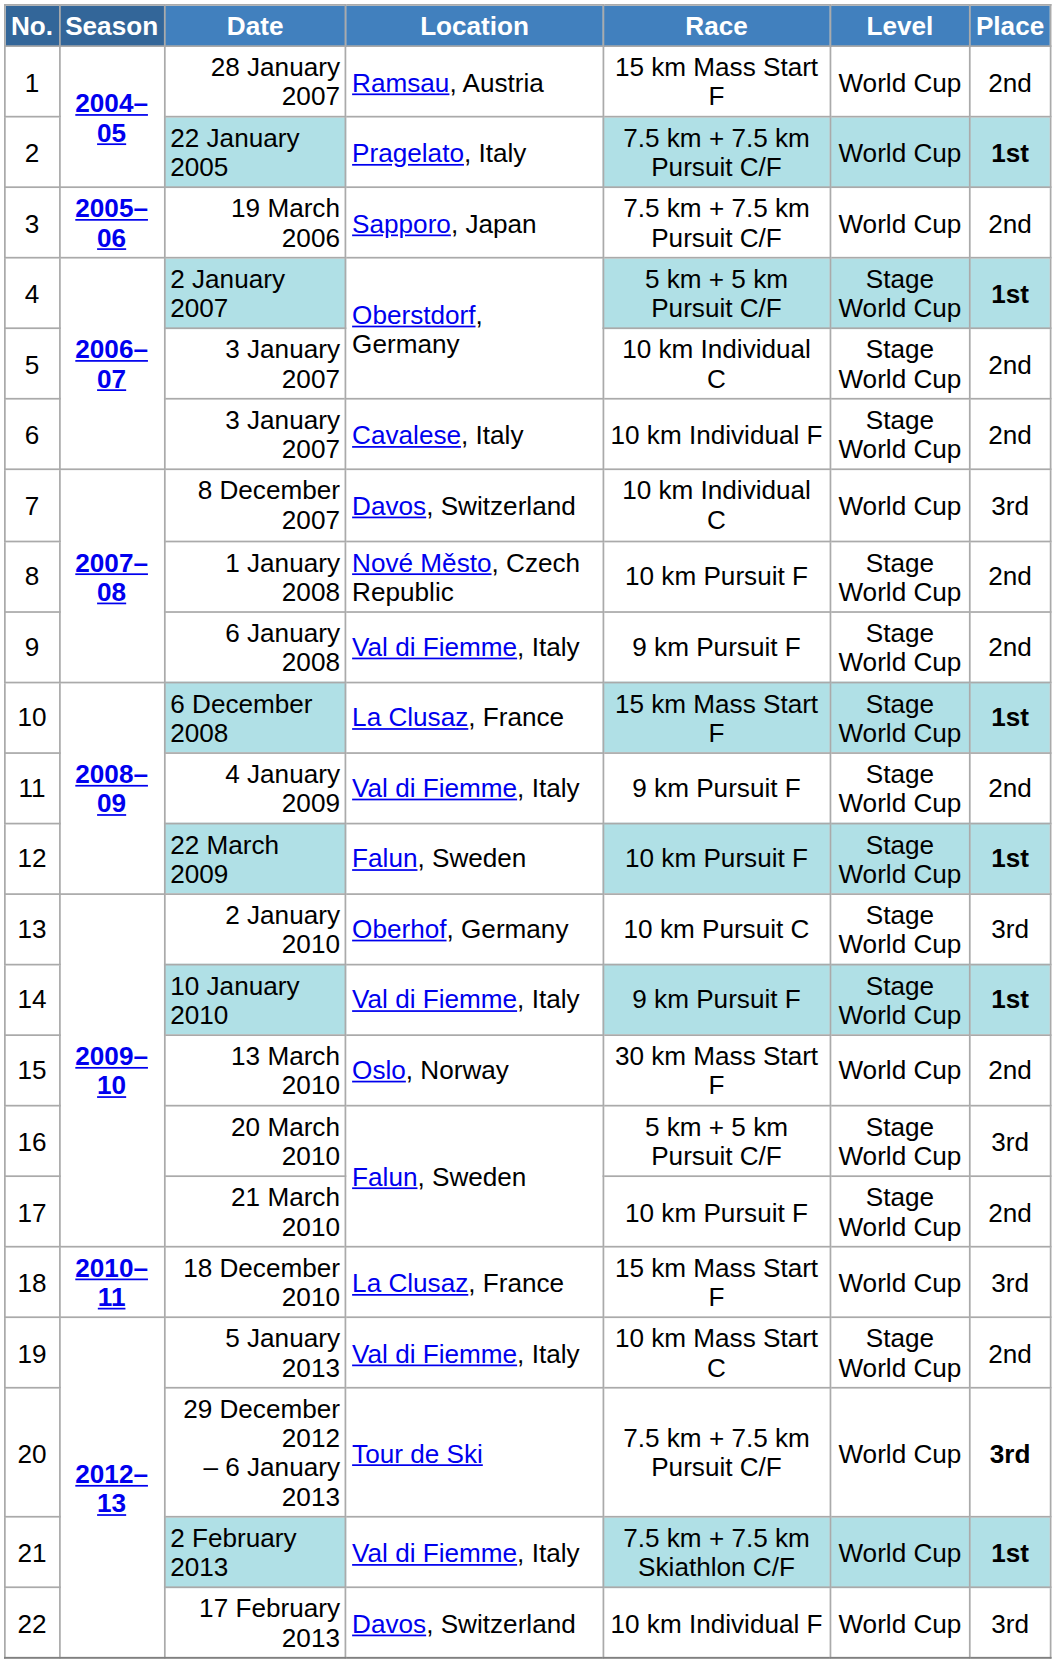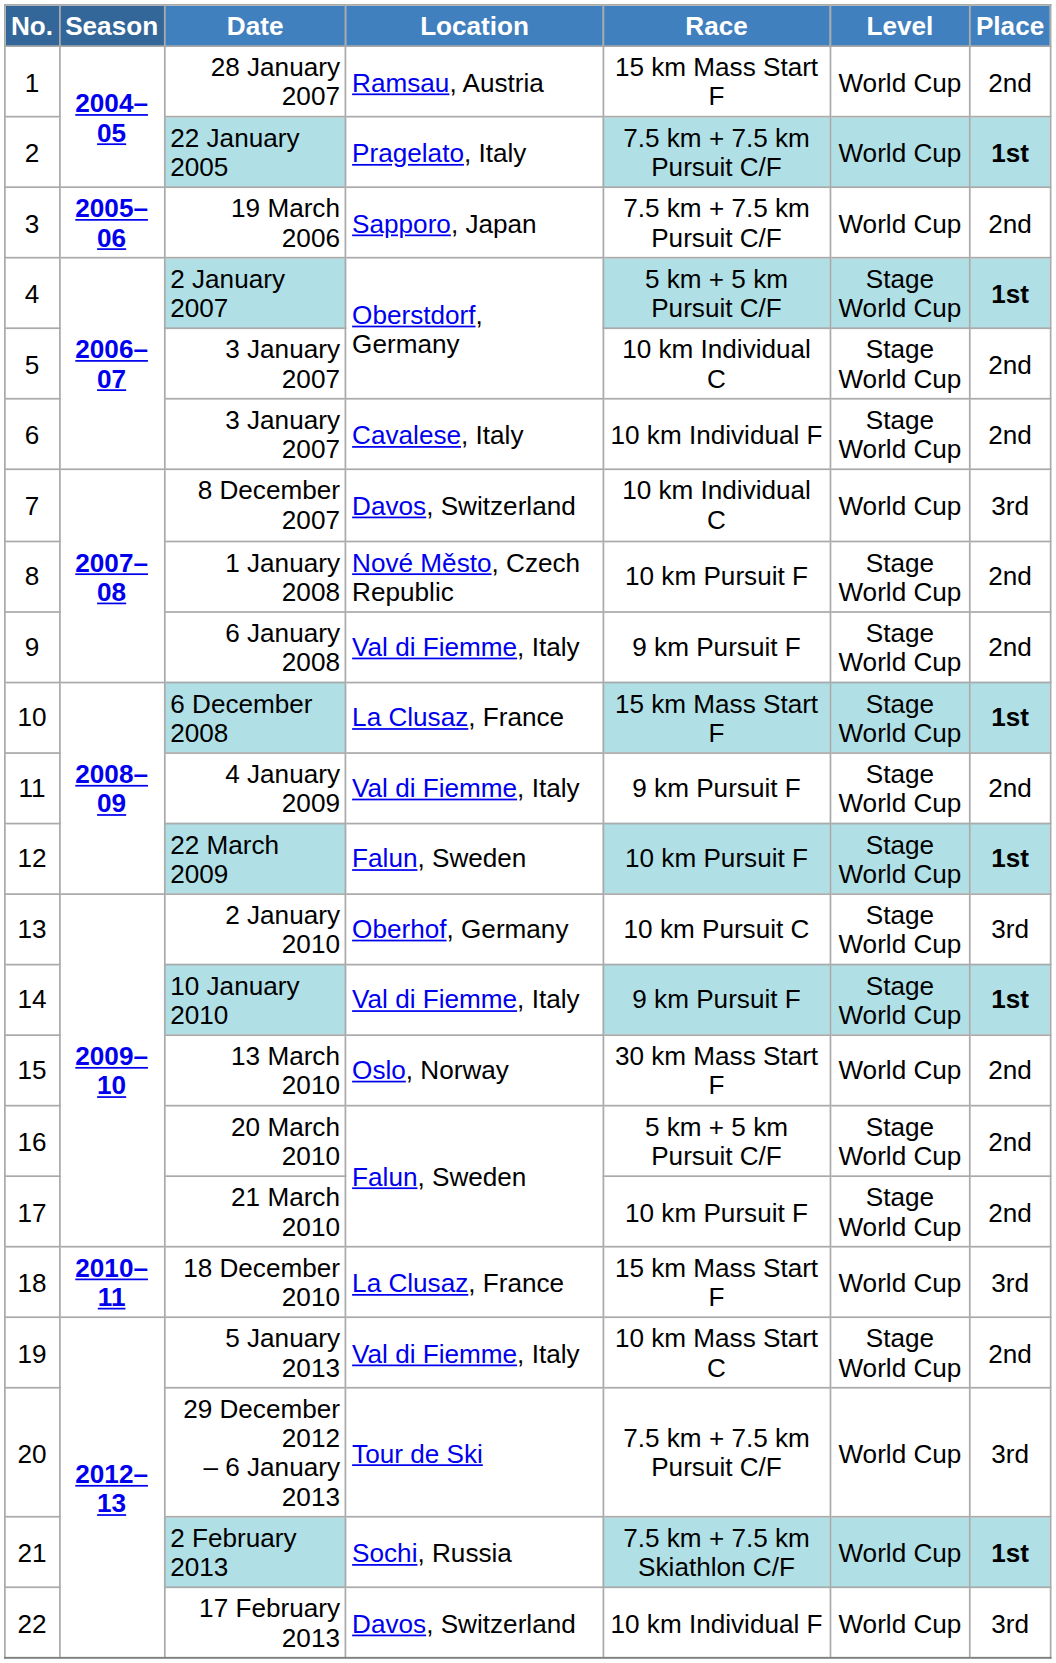 <table class="wikitable sortable" style="font-size:95%; text-align:center; border:grey solid 1px; border-collapse:collapse; background:#ffffff;">
 <tr style="background:#efefef;">
 <th style="background-color:#369; color:white;">No.</th>
 <th style="background-color:#369; color:white;">Season</th>
 <th style="background-color:#4180be; color:white; width:120px;">Date</th>
 <th style="background-color:#4180be; color:white; width:190px;">Location</th>
 <th style="background-color:#4180be; color:white; width:170px;">Race</th>
 <th style="background-color:#4180be; color:white; width:100px;">Level</th>
 <th style="background-color:#4180be; color:white;">Place</th>
 </tr>
 <tr>
 <td align=center>1</td>
 <td rowspan=2 align=center><strong><a href='#'>2004–05</a></strong></td>
 <td align=right>28 January 2007</td>
 <td align=left> <a href='#'>Ramsau</a>, Austria</td>
 <td>15 km Mass Start F</td>
 <td>World Cup</td>
 <td>2nd</td>
 </tr>
 <tr>
 <td align=center>2</td>
 <td align=left bgcolor="#BOEOE6" align=right>22 January 2005</td>
 <td align=left> <a href='#'>Pragelato</a>, Italy</td>
 <td bgcolor="#BOEOE6" align=center>7.5 km + 7.5 km Pursuit C/F</td>
 <td bgcolor="#BOEOE6">World Cup</td>
 <td bgcolor="#BOEOE6"><strong>1st</strong></td>
 </tr>
 <tr>
 <td align=center>3</td>
 <td rowspan=1 align=center><strong><a href='#'>2005–06</a></strong></td>
 <td align=right>19 March 2006</td>
 <td align=left> <a href='#'>Sapporo</a>, Japan</td>
 <td>7.5 km + 7.5 km Pursuit C/F</td>
 <td>World Cup</td>
 <td>2nd</td>
 </tr>
 <tr>
 <td align=center>4</td>
 <td rowspan=3 align=center><strong><a href='#'>2006–07</a></strong></td>
 <td align=left bgcolor="#BOEOE6" align=right>2 January 2007</td>
 <td rowspan=2 align=left> <a href='#'>Oberstdorf</a>, Germany</td>
 <td bgcolor="#BOEOE6" align=center>5 km + 5 km Pursuit C/F</td>
 <td bgcolor="#BOEOE6">Stage World Cup</td>
 <td bgcolor="#BOEOE6"><strong>1st</strong></td>
 </tr>
 <tr>
 <td align=center>5</td>
 <td align=right>3 January 2007</td>
 <td>10 km Individual C</td>
 <td>Stage World Cup</td>
 <td>2nd</td>
 </tr>
 <tr>
 <td align=center>6</td>
 <td align=right>3 January 2007</td>
 <td align=left> <a href='#'>Cavalese</a>, Italy</td>
 <td>10 km Individual F</td>
 <td>Stage World Cup</td>
 <td>2nd</td>
 </tr>
 <tr>
 <td align=center>7</td>
 <td rowspan=3 align=center><strong><a href='#'>2007–08</a></strong></td>
 <td align=right>8 December 2007</td>
 <td align=left> <a href='#'>Davos</a>, Switzerland</td>
 <td>10 km Individual C</td>
 <td>World Cup</td>
 <td>3rd</td>
 </tr>
 <tr>
 <td align=center>8</td>
 <td align=right>1 January 2008</td>
 <td align=left> <a href='#'>Nové Město</a>, Czech Republic</td>
 <td>10 km Pursuit F</td>
 <td>Stage World Cup</td>
 <td>2nd</td>
 </tr>
 <tr>
 <td align=center>9</td>
 <td align=right>6 January 2008</td>
 <td align=left> <a href='#'>Val di Fiemme</a>, Italy</td>
 <td>9 km Pursuit F</td>
 <td>Stage World Cup</td>
 <td>2nd</td>
 </tr>
 <tr>
 <td align=center>10</td>
 <td rowspan=3 align=center><strong><a href='#'>2008–09</a></strong></td>
 <td align=left bgcolor="#BOEOE6" align=right>6 December 2008</td>
 <td align=left> <a href='#'>La Clusaz</a>, France</td>
 <td bgcolor="#BOEOE6" align=center>15 km Mass Start F</td>
 <td bgcolor="#BOEOE6">Stage World Cup</td>
 <td bgcolor="#BOEOE6"><strong>1st</strong></td>
 </tr>
 <tr>
 <td align=center>11</td>
 <td align=right>4 January 2009</td>
 <td align=left> <a href='#'>Val di Fiemme</a>, Italy</td>
 <td>9 km Pursuit F</td>
 <td>Stage World Cup</td>
 <td>2nd</td>
 </tr>
 <tr>
 <td align=center>12</td>
 <td align=left bgcolor="#BOEOE6" align=right>22 March 2009</td>
 <td align=left> <a href='#'>Falun</a>, Sweden</td>
 <td bgcolor="#BOEOE6" align=center>10 km Pursuit F</td>
 <td bgcolor="#BOEOE6">Stage World Cup</td>
 <td bgcolor="#BOEOE6"><strong>1st</strong></td>
 </tr>
 <tr>
 <td align=center>13</td>
 <td rowspan=5 align=center><strong><a href='#'>2009–10</a></strong></td>
 <td align=right>2 January 2010</td>
 <td align=left> <a href='#'>Oberhof</a>, Germany</td>
 <td>10 km Pursuit C</td>
 <td>Stage World Cup</td>
 <td>3rd</td>
 </tr>
 <tr>
 <td align=center>14</td>
 <td align=left bgcolor="#BOEOE6" align=right>10 January 2010</td>
 <td align=left> <a href='#'>Val di Fiemme</a>, Italy</td>
 <td bgcolor="#BOEOE6" align=center>9 km Pursuit F</td>
 <td bgcolor="#BOEOE6">Stage World Cup</td>
 <td bgcolor="#BOEOE6"><strong>1st</strong></td>
 </tr>
 <tr>
 <td align=center>15</td>
 <td align=right>13 March 2010</td>
 <td align=left> <a href='#'>Oslo</a>, Norway</td>
 <td>30 km Mass Start F</td>
 <td>World Cup</td>
 <td>2nd</td>
 </tr>
 <tr>
 <td align=center>16</td>
 <td align=right>20 March 2010</td>
 <td rowspan=2 align=left> <a href='#'>Falun</a>, Sweden</td>
 <td>5 km + 5 km Pursuit C/F</td>
 <td>Stage World Cup</td>
-<td>3rd</td>
+<td>2nd</td>
 </tr>
 <tr>
 <td align=center>17</td>
 <td align=right>21 March 2010</td>
 <td>10 km Pursuit F</td>
 <td>Stage World Cup</td>
 <td>2nd</td>
 </tr>
 <tr>
 <td align=center>18</td>
 <td rowspan=1 align=center><strong><a href='#'>2010–11</a></strong></td>
 <td align=right>18 December 2010</td>
 <td align=left> <a href='#'>La Clusaz</a>, France</td>
 <td>15 km Mass Start F</td>
 <td>World Cup</td>
 <td>3rd</td>
 </tr>
 <tr>
 <td align=center>19</td>
 <td rowspan=4 align=center><strong><a href='#'>2012–13</a></strong></td>
 <td align=right>5 January 2013</td>
 <td align=left> <a href='#'>Val di Fiemme</a>, Italy</td>
 <td>10 km Mass Start C</td>
 <td>Stage World Cup</td>
 <td>2nd</td>
 </tr>
 <tr>
 <td align=center>20</td>
 <td align=right>29 December 2012<br> – 6 January 2013</td>
 <td align=left> <a href='#'>Tour de Ski</a></td>
 <td>7.5 km + 7.5 km Pursuit C/F</td>
 <td>World Cup</td>
-<td><strong>3rd</strong></td>
+<td>3rd</td>
 </tr>
 <tr>
 <td align=center>21</td>
 <td align=left bgcolor="#BOEOE6" align=right>2 February 2013</td>
-<td align=left> <a href='#'>Val di Fiemme</a>, Italy</td>
+<td align=left> <a href='#'>Sochi</a>, Russia</td>
 <td bgcolor="#BOEOE6" align=center>7.5 km + 7.5 km Skiathlon C/F</td>
 <td bgcolor="#BOEOE6">World Cup</td>
 <td bgcolor="#BOEOE6"><strong>1st</strong></td>
 </tr>
 <tr>
 <td align=center>22</td>
 <td align=right>17 February 2013</td>
 <td align=left> <a href='#'>Davos</a>, Switzerland</td>
 <td>10 km Individual F</td>
 <td>World Cup</td>
 <td>3rd</td>
 </tr>
 <tr>
 </tr>
 </table>
